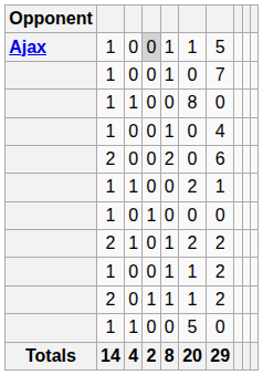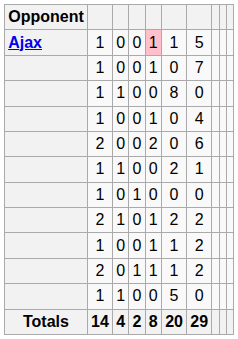 <table class="wikitable plainrowheaders sortable" style="text-align:center">
 <tr>
 <th scope=col>Opponent</th>
 <th scope=col></th>
 <th scope=col></th>
 <th scope=col></th>
 <th scope=col></th>
 <th scope=col></th>
 <th scope=col></th>
 <th scope=col></th>
 <th scope=col></th>
 <th scope=col></th>
 </tr>
 <tr>
 <th scope=row style="text-align:left;"> <a href='#'>Ajax</a></th>
 <td>1</td>
 <td>0</td>
-<td style="background: lightgrey;">0</td>
-<td>1</td>
+<td>0</td>
+<td style="background: pink;">1</td>
 <td>1</td>
 <td>5</td>
 <td></td>
 <td></td>
 <td></td>
 </tr>
 <tr>
 <th scope=row style="text-align:left;"></th>
 <td>1</td>
 <td>0</td>
 <td>0</td>
 <td>1</td>
 <td>0</td>
 <td>7</td>
 <td></td>
 <td></td>
 <td></td>
 </tr>
 <tr>
 <th scope=row style="text-align:left;"></th>
 <td>1</td>
 <td>1</td>
 <td>0</td>
 <td>0</td>
 <td>8</td>
 <td>0</td>
 <td></td>
 <td></td>
 <td></td>
 </tr>
 <tr>
 <th scope=row style="text-align:left;"></th>
 <td>1</td>
 <td>0</td>
 <td>0</td>
 <td>1</td>
 <td>0</td>
 <td>4</td>
 <td></td>
 <td></td>
 <td></td>
 </tr>
 <tr>
 <th scope=row style="text-align:left;"></th>
 <td>2</td>
 <td>0</td>
 <td>0</td>
 <td>2</td>
 <td>0</td>
 <td>6</td>
 <td></td>
 <td></td>
 <td></td>
 </tr>
 <tr>
 <th scope=row style="text-align:left;"></th>
 <td>1</td>
 <td>1</td>
 <td>0</td>
 <td>0</td>
 <td>2</td>
 <td>1</td>
 <td></td>
 <td></td>
 <td></td>
 </tr>
 <tr>
 <th scope=row style="text-align:left;"></th>
 <td>1</td>
 <td>0</td>
 <td>1</td>
 <td>0</td>
 <td>0</td>
 <td>0</td>
 <td></td>
 <td></td>
 <td></td>
 </tr>
 <tr>
 <th scope=row style="text-align:left;"></th>
 <td>2</td>
 <td>1</td>
 <td>0</td>
 <td>1</td>
 <td>2</td>
 <td>2</td>
 <td></td>
 <td></td>
 <td></td>
 </tr>
 <tr>
 <th scope=row style="text-align:left;"></th>
 <td>1</td>
 <td>0</td>
 <td>0</td>
 <td>1</td>
 <td>1</td>
 <td>2</td>
 <td></td>
 <td></td>
 <td></td>
 </tr>
 <tr>
 <th scope=row style="text-align:left;"></th>
 <td>2</td>
 <td>0</td>
 <td>1</td>
 <td>1</td>
 <td>1</td>
 <td>2</td>
 <td></td>
 <td></td>
 <td></td>
 </tr>
 <tr>
 <th scope=row style="text-align:left;"></th>
 <td>1</td>
 <td>1</td>
 <td>0</td>
 <td>0</td>
 <td>5</td>
 <td>0</td>
 <td></td>
 <td></td>
 <td></td>
 </tr>
 <tr class="sortbottom">
 <th>Totals</th>
 <th>14</th>
 <th>4</th>
 <th>2</th>
 <th>8</th>
 <th>20</th>
 <th>29</th>
 <th></th>
 <th></th>
 <th></th>
 </tr>
 </table>
